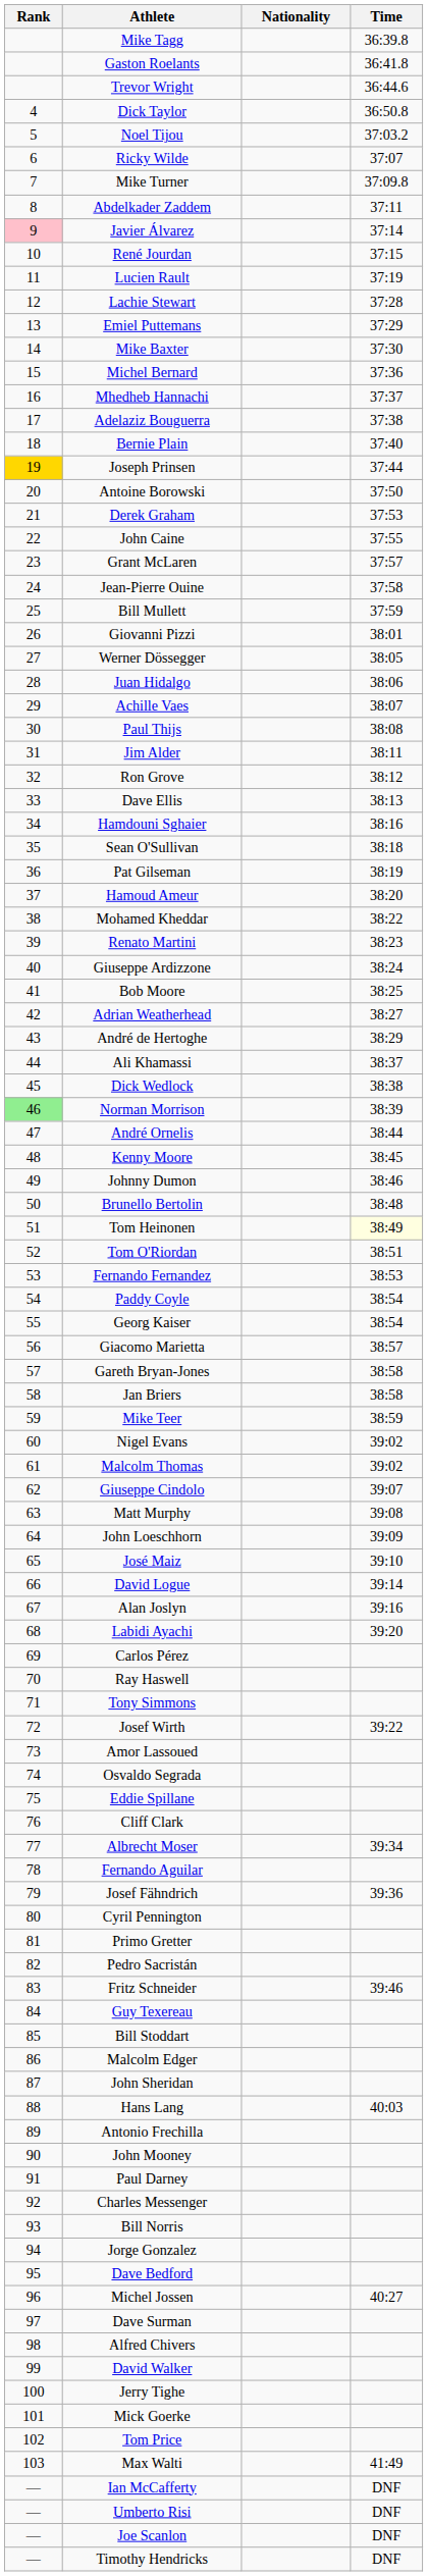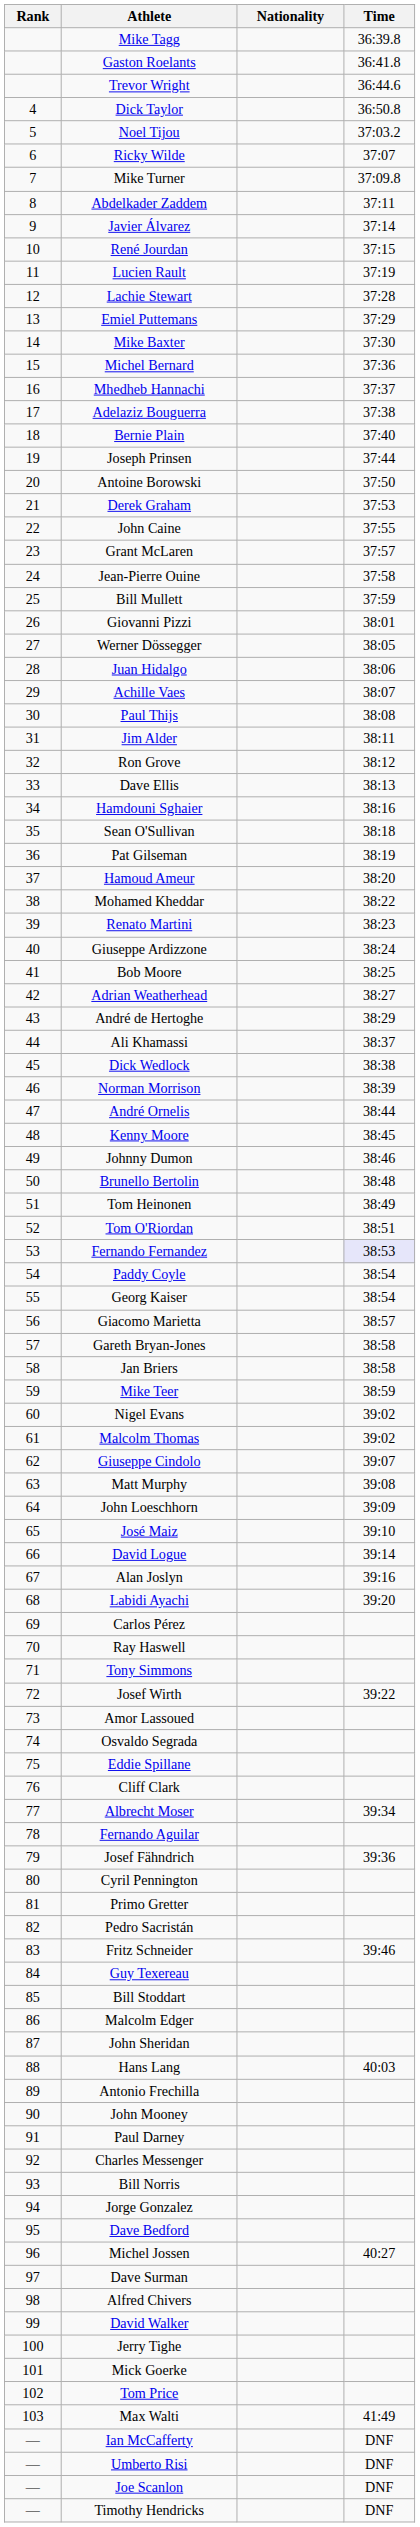 <table class="wikitable sortable" style=" text-align:center; font-size:95%;" width="50%">
 <tr>
 <th>Rank</th>
 <th>Athlete</th>
 <th>Nationality</th>
 <th>Time</th>
 </tr>
 <tr>
 <td align=center></td>
 <td><a href='#'>Mike Tagg</a></td>
 <td></td>
 <td>36:39.8</td>
 </tr>
 <tr>
 <td align=center></td>
 <td><a href='#'>Gaston Roelants</a></td>
 <td></td>
 <td>36:41.8</td>
 </tr>
 <tr>
 <td align=center></td>
 <td><a href='#'>Trevor Wright</a></td>
 <td></td>
 <td>36:44.6</td>
 </tr>
 <tr>
 <td align=center>4</td>
 <td><a href='#'>Dick Taylor</a></td>
 <td></td>
 <td>36:50.8</td>
 </tr>
 <tr>
 <td align=center>5</td>
 <td><a href='#'>Noel Tijou</a></td>
 <td></td>
 <td>37:03.2</td>
 </tr>
 <tr>
 <td align=center>6</td>
 <td><a href='#'>Ricky Wilde</a></td>
 <td></td>
 <td>37:07</td>
 </tr>
 <tr>
 <td align=center>7</td>
 <td>Mike Turner</td>
 <td></td>
 <td>37:09.8</td>
 </tr>
 <tr>
 <td align=center>8</td>
 <td><a href='#'>Abdelkader Zaddem</a></td>
 <td></td>
 <td>37:11</td>
 </tr>
 <tr>
-<td align=center style="background: pink;">9</td>
+<td align=center>9</td>
 <td><a href='#'>Javier Álvarez</a></td>
 <td></td>
 <td>37:14</td>
 </tr>
 <tr>
 <td align=center>10</td>
 <td><a href='#'>René Jourdan</a></td>
 <td></td>
 <td>37:15</td>
 </tr>
 <tr>
 <td align=center>11</td>
 <td><a href='#'>Lucien Rault</a></td>
 <td></td>
 <td>37:19</td>
 </tr>
 <tr>
 <td align=center>12</td>
 <td><a href='#'>Lachie Stewart</a></td>
 <td></td>
 <td>37:28</td>
 </tr>
 <tr>
 <td align=center>13</td>
 <td><a href='#'>Emiel Puttemans</a></td>
 <td></td>
 <td>37:29</td>
 </tr>
 <tr>
 <td align=center>14</td>
 <td><a href='#'>Mike Baxter</a></td>
 <td></td>
 <td>37:30</td>
 </tr>
 <tr>
 <td align=center>15</td>
 <td><a href='#'>Michel Bernard</a></td>
 <td></td>
 <td>37:36</td>
 </tr>
 <tr>
 <td align=center>16</td>
 <td><a href='#'>Mhedheb Hannachi</a></td>
 <td></td>
 <td>37:37</td>
 </tr>
 <tr>
 <td align=center>17</td>
 <td><a href='#'>Adelaziz Bouguerra</a></td>
 <td></td>
 <td>37:38</td>
 </tr>
 <tr>
 <td align=center>18</td>
 <td><a href='#'>Bernie Plain</a></td>
 <td></td>
 <td>37:40</td>
 </tr>
 <tr>
-<td align=center style="background: gold;">19</td>
+<td align=center>19</td>
 <td>Joseph Prinsen</td>
 <td></td>
 <td>37:44</td>
 </tr>
 <tr>
 <td align=center>20</td>
 <td>Antoine Borowski</td>
 <td></td>
 <td>37:50</td>
 </tr>
 <tr>
 <td align=center>21</td>
 <td><a href='#'>Derek Graham</a></td>
 <td></td>
 <td>37:53</td>
 </tr>
 <tr>
 <td align=center>22</td>
 <td>John Caine</td>
 <td></td>
 <td>37:55</td>
 </tr>
 <tr>
 <td align=center>23</td>
 <td>Grant McLaren</td>
 <td></td>
 <td>37:57</td>
 </tr>
 <tr>
 <td align=center>24</td>
 <td>Jean-Pierre Ouine</td>
 <td></td>
 <td>37:58</td>
 </tr>
 <tr>
 <td align=center>25</td>
 <td>Bill Mullett</td>
 <td></td>
 <td>37:59</td>
 </tr>
 <tr>
 <td align=center>26</td>
 <td>Giovanni Pizzi</td>
 <td></td>
 <td>38:01</td>
 </tr>
 <tr>
 <td align=center>27</td>
 <td>Werner Dössegger</td>
 <td></td>
 <td>38:05</td>
 </tr>
 <tr>
 <td align=center>28</td>
 <td><a href='#'>Juan Hidalgo</a></td>
 <td></td>
 <td>38:06</td>
 </tr>
 <tr>
 <td align=center>29</td>
 <td><a href='#'>Achille Vaes</a></td>
 <td></td>
 <td>38:07</td>
 </tr>
 <tr>
 <td align=center>30</td>
 <td><a href='#'>Paul Thijs</a></td>
 <td></td>
 <td>38:08</td>
 </tr>
 <tr>
 <td align=center>31</td>
 <td><a href='#'>Jim Alder</a></td>
 <td></td>
 <td>38:11</td>
 </tr>
 <tr>
 <td align=center>32</td>
 <td>Ron Grove</td>
 <td></td>
 <td>38:12</td>
 </tr>
 <tr>
 <td align=center>33</td>
 <td>Dave Ellis</td>
 <td></td>
 <td>38:13</td>
 </tr>
 <tr>
 <td align=center>34</td>
 <td><a href='#'>Hamdouni Sghaier</a></td>
 <td></td>
 <td>38:16</td>
 </tr>
 <tr>
 <td align=center>35</td>
 <td>Sean O'Sullivan</td>
 <td></td>
 <td>38:18</td>
 </tr>
 <tr>
 <td align=center>36</td>
 <td>Pat Gilseman</td>
 <td></td>
 <td>38:19</td>
 </tr>
 <tr>
 <td align=center>37</td>
 <td><a href='#'>Hamoud Ameur</a></td>
 <td></td>
 <td>38:20</td>
 </tr>
 <tr>
 <td align=center>38</td>
 <td>Mohamed Kheddar</td>
 <td></td>
 <td>38:22</td>
 </tr>
 <tr>
 <td align=center>39</td>
 <td><a href='#'>Renato Martini</a></td>
 <td></td>
 <td>38:23</td>
 </tr>
 <tr>
 <td align=center>40</td>
 <td>Giuseppe Ardizzone</td>
 <td></td>
 <td>38:24</td>
 </tr>
 <tr>
 <td align=center>41</td>
 <td>Bob Moore</td>
 <td></td>
 <td>38:25</td>
 </tr>
 <tr>
 <td align=center>42</td>
 <td><a href='#'>Adrian Weatherhead</a></td>
 <td></td>
 <td>38:27</td>
 </tr>
 <tr>
 <td align=center>43</td>
 <td>André de Hertoghe</td>
 <td></td>
 <td>38:29</td>
 </tr>
 <tr>
 <td align=center>44</td>
 <td>Ali Khamassi</td>
 <td></td>
 <td>38:37</td>
 </tr>
 <tr>
 <td align=center>45</td>
 <td><a href='#'>Dick Wedlock</a></td>
 <td></td>
 <td>38:38</td>
 </tr>
 <tr>
-<td align=center style="background: lightgreen;">46</td>
+<td align=center>46</td>
 <td><a href='#'>Norman Morrison</a></td>
 <td></td>
 <td>38:39</td>
 </tr>
 <tr>
 <td align=center>47</td>
 <td><a href='#'>André Ornelis</a></td>
 <td></td>
 <td>38:44</td>
 </tr>
 <tr>
 <td align=center>48</td>
 <td><a href='#'>Kenny Moore</a></td>
 <td></td>
 <td>38:45</td>
 </tr>
 <tr>
 <td align=center>49</td>
 <td>Johnny Dumon</td>
 <td></td>
 <td>38:46</td>
 </tr>
 <tr>
 <td align=center>50</td>
 <td><a href='#'>Brunello Bertolin</a></td>
 <td></td>
 <td>38:48</td>
 </tr>
 <tr>
 <td align=center>51</td>
 <td>Tom Heinonen</td>
 <td></td>
-<td style="background: lightyellow;">38:49</td>
+<td>38:49</td>
 </tr>
 <tr>
 <td align=center>52</td>
 <td><a href='#'>Tom O'Riordan</a></td>
 <td></td>
 <td>38:51</td>
 </tr>
 <tr>
 <td align=center>53</td>
 <td><a href='#'>Fernando Fernandez</a></td>
 <td></td>
-<td>38:53</td>
+<td style="background: lavender;">38:53</td>
 </tr>
 <tr>
 <td align=center>54</td>
 <td><a href='#'>Paddy Coyle</a></td>
 <td></td>
 <td>38:54</td>
 </tr>
 <tr>
 <td align=center>55</td>
 <td>Georg Kaiser</td>
 <td></td>
 <td>38:54</td>
 </tr>
 <tr>
 <td align=center>56</td>
 <td>Giacomo Marietta</td>
 <td></td>
 <td>38:57</td>
 </tr>
 <tr>
 <td align=center>57</td>
 <td>Gareth Bryan-Jones</td>
 <td></td>
 <td>38:58</td>
 </tr>
 <tr>
 <td align=center>58</td>
 <td>Jan Briers</td>
 <td></td>
 <td>38:58</td>
 </tr>
 <tr>
 <td align=center>59</td>
 <td><a href='#'>Mike Teer</a></td>
 <td></td>
 <td>38:59</td>
 </tr>
 <tr>
 <td align=center>60</td>
 <td>Nigel Evans</td>
 <td></td>
 <td>39:02</td>
 </tr>
 <tr>
 <td align=center>61</td>
 <td><a href='#'>Malcolm Thomas</a></td>
 <td></td>
 <td>39:02</td>
 </tr>
 <tr>
 <td align=center>62</td>
 <td><a href='#'>Giuseppe Cindolo</a></td>
 <td></td>
 <td>39:07</td>
 </tr>
 <tr>
 <td align=center>63</td>
 <td>Matt Murphy</td>
 <td></td>
 <td>39:08</td>
 </tr>
 <tr>
 <td align=center>64</td>
 <td>John Loeschhorn</td>
 <td></td>
 <td>39:09</td>
 </tr>
 <tr>
 <td align=center>65</td>
 <td><a href='#'>José Maiz</a></td>
 <td></td>
 <td>39:10</td>
 </tr>
 <tr>
 <td align=center>66</td>
 <td><a href='#'>David Logue</a></td>
 <td></td>
 <td>39:14</td>
 </tr>
 <tr>
 <td align=center>67</td>
 <td>Alan Joslyn</td>
 <td></td>
 <td>39:16</td>
 </tr>
 <tr>
 <td align=center>68</td>
 <td><a href='#'>Labidi Ayachi</a></td>
 <td></td>
 <td>39:20</td>
 </tr>
 <tr>
 <td align=center>69</td>
 <td>Carlos Pérez</td>
 <td></td>
 <td></td>
 </tr>
 <tr>
 <td align=center>70</td>
 <td>Ray Haswell</td>
 <td></td>
 <td></td>
 </tr>
 <tr>
 <td align=center>71</td>
 <td><a href='#'>Tony Simmons</a></td>
 <td></td>
 <td></td>
 </tr>
 <tr>
 <td align=center>72</td>
 <td>Josef Wirth</td>
 <td></td>
 <td>39:22</td>
 </tr>
 <tr>
 <td align=center>73</td>
 <td>Amor Lassoued</td>
 <td></td>
 <td></td>
 </tr>
 <tr>
 <td align=center>74</td>
 <td>Osvaldo Segrada</td>
 <td></td>
 <td></td>
 </tr>
 <tr>
 <td align=center>75</td>
 <td><a href='#'>Eddie Spillane</a></td>
 <td></td>
 <td></td>
 </tr>
 <tr>
 <td align=center>76</td>
 <td>Cliff Clark</td>
 <td></td>
 <td></td>
 </tr>
 <tr>
 <td align=center>77</td>
 <td><a href='#'>Albrecht Moser</a></td>
 <td></td>
 <td>39:34</td>
 </tr>
 <tr>
 <td align=center>78</td>
 <td><a href='#'>Fernando Aguilar</a></td>
 <td></td>
 <td></td>
 </tr>
 <tr>
 <td align=center>79</td>
 <td>Josef Fähndrich</td>
 <td></td>
 <td>39:36</td>
 </tr>
 <tr>
 <td align=center>80</td>
 <td>Cyril Pennington</td>
 <td></td>
 <td></td>
 </tr>
 <tr>
 <td align=center>81</td>
 <td>Primo Gretter</td>
 <td></td>
 <td></td>
 </tr>
 <tr>
 <td align=center>82</td>
 <td>Pedro Sacristán</td>
 <td></td>
 <td></td>
 </tr>
 <tr>
 <td align=center>83</td>
 <td>Fritz Schneider</td>
 <td></td>
 <td>39:46</td>
 </tr>
 <tr>
 <td align=center>84</td>
 <td><a href='#'>Guy Texereau</a></td>
 <td></td>
 <td></td>
 </tr>
 <tr>
 <td align=center>85</td>
 <td>Bill Stoddart</td>
 <td></td>
 <td></td>
 </tr>
 <tr>
 <td align=center>86</td>
 <td>Malcolm Edger</td>
 <td></td>
 <td></td>
 </tr>
 <tr>
 <td align=center>87</td>
 <td>John Sheridan</td>
 <td></td>
 <td></td>
 </tr>
 <tr>
 <td align=center>88</td>
 <td>Hans Lang</td>
 <td></td>
 <td>40:03</td>
 </tr>
 <tr>
 <td align=center>89</td>
 <td>Antonio Frechilla</td>
 <td></td>
 <td></td>
 </tr>
 <tr>
 <td align=center>90</td>
 <td>John Mooney</td>
 <td></td>
 <td></td>
 </tr>
 <tr>
 <td align=center>91</td>
 <td>Paul Darney</td>
 <td></td>
 <td></td>
 </tr>
 <tr>
 <td align=center>92</td>
 <td>Charles Messenger</td>
 <td></td>
 <td></td>
 </tr>
 <tr>
 <td align=center>93</td>
 <td>Bill Norris</td>
 <td></td>
 <td></td>
 </tr>
 <tr>
 <td align=center>94</td>
 <td>Jorge Gonzalez</td>
 <td></td>
 <td></td>
 </tr>
 <tr>
 <td align=center>95</td>
 <td><a href='#'>Dave Bedford</a></td>
 <td></td>
 <td></td>
 </tr>
 <tr>
 <td align=center>96</td>
 <td>Michel Jossen</td>
 <td></td>
 <td>40:27</td>
 </tr>
 <tr>
 <td align=center>97</td>
 <td>Dave Surman</td>
 <td></td>
 <td></td>
 </tr>
 <tr>
 <td align=center>98</td>
 <td>Alfred Chivers</td>
 <td></td>
 <td></td>
 </tr>
 <tr>
 <td align=center>99</td>
 <td><a href='#'>David Walker</a></td>
 <td></td>
 <td></td>
 </tr>
 <tr>
 <td align=center>100</td>
 <td>Jerry Tighe</td>
 <td></td>
 <td></td>
 </tr>
 <tr>
 <td align=center>101</td>
 <td>Mick Goerke</td>
 <td></td>
 <td></td>
 </tr>
 <tr>
 <td align=center>102</td>
 <td><a href='#'>Tom Price</a></td>
 <td></td>
 <td></td>
 </tr>
 <tr>
 <td align=center>103</td>
 <td>Max Walti</td>
 <td></td>
 <td>41:49</td>
 </tr>
 <tr>
 <td align=center>—</td>
 <td><a href='#'>Ian McCafferty</a></td>
 <td></td>
 <td>DNF</td>
 </tr>
 <tr>
 <td align=center>—</td>
 <td><a href='#'>Umberto Risi</a></td>
 <td></td>
 <td>DNF</td>
 </tr>
 <tr>
 <td align=center>—</td>
 <td><a href='#'>Joe Scanlon</a></td>
 <td></td>
 <td>DNF</td>
 </tr>
 <tr>
 <td align=center>—</td>
 <td>Timothy Hendricks</td>
 <td></td>
 <td>DNF</td>
 </tr>
 </table>
